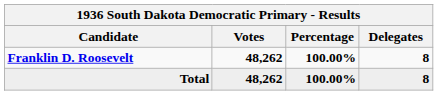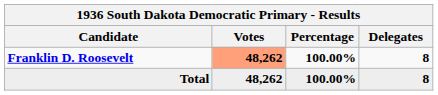 <table class="wikitable">
 <tr>
 <th colspan="4">1936 South Dakota Democratic Primary - Results</th>
 </tr>
 <tr style="background:#eee; text-align:center;">
 <th colspan="1" style="width: 15em">Candidate</th>
 <th style="width: 5em">Votes</th>
 <th style="width: 5em">Percentage</th>
 <th style="width: 5em">Delegates</th>
 </tr>
 <tr>
 <td><strong><a href='#'>Franklin D. Roosevelt</a></strong></td>
-<td style="text-align:right;"><strong>48,262</strong></td>
+<td style="background: lightsalmon; text-align:right;"><strong>48,262</strong></td>
 <td style="text-align:right;"><strong>100.00%</strong></td>
 <td style="text-align:right;"><strong>8</strong></td>
 </tr>
 <tr style="background:#eee; text-align:right;">
 <td colspan="1"><strong>Total</strong></td>
 <td><strong>48,262</strong></td>
 <td><strong>100.00%</strong></td>
 <td><strong>8</strong></td>
 </tr>
 </table>
